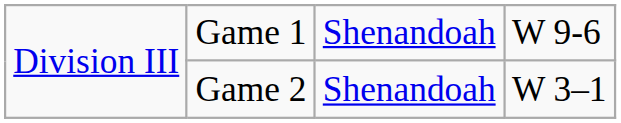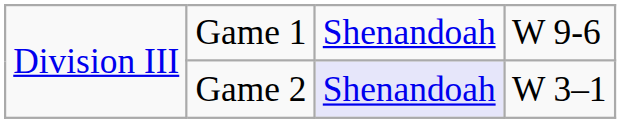 <table class="wikitable">
 <tr>
 <td rowspan="3"><a href='#'>Division III</a></td>
 <td>Game 1</td>
 <td><a href='#'>Shenandoah</a></td>
 <td>W 9-6</td>
 </tr>
 <tr>
 <td>Game 2</td>
-<td><a href='#'>Shenandoah</a></td>
+<td style="background: lavender;"><a href='#'>Shenandoah</a></td>
 <td>W 3–1</td>
 </tr>
 </table>
